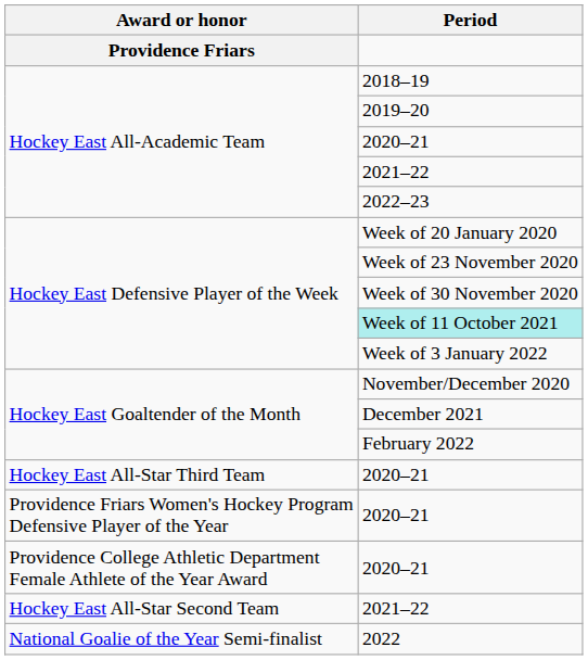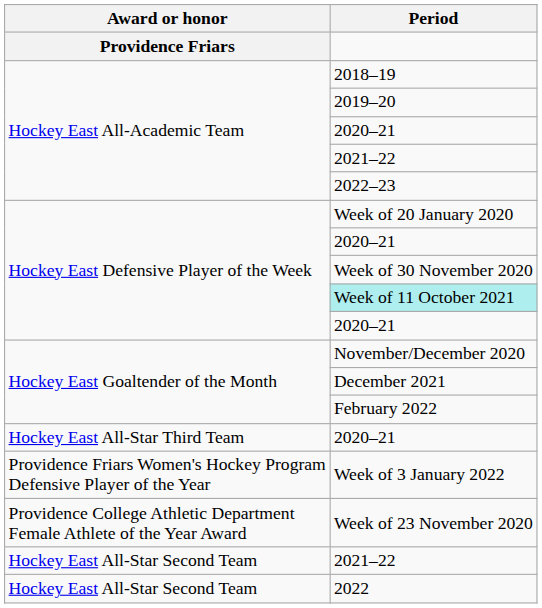 <table class="wikitable">
 <tr>
 <th scope="col">Award or honor</th>
 <th scope="col">Period</th>
 </tr>
 <tr>
 <th>Providence Friars</th>
 </tr>
 <tr>
 <td rowspan="5"><a href='#'>Hockey East</a> All-Academic Team</td>
 <td>2018–19</td>
 </tr>
 <tr>
 <td>2019–20</td>
 </tr>
 <tr>
 <td>2020–21</td>
 </tr>
 <tr>
 <td>2021–22</td>
 </tr>
 <tr>
 <td>2022–23</td>
 </tr>
 <tr>
 <td rowspan="5"><a href='#'>Hockey East</a> Defensive Player of the Week</td>
 <td>Week of 20 January 2020</td>
 </tr>
 <tr>
-<td>Week of 23 November 2020</td>
+<td>2020–21</td>
 </tr>
 <tr>
 <td>Week of 30 November 2020</td>
 </tr>
 <tr>
 <td style="background: paleturquoise;">Week of 11 October 2021</td>
 </tr>
 <tr>
-<td>Week of 3 January 2022</td>
+<td>2020–21</td>
 </tr>
 <tr>
 <td rowspan="3"><a href='#'>Hockey East</a> Goaltender of the Month</td>
 <td>November/December 2020</td>
 </tr>
 <tr>
 <td>December 2021</td>
 </tr>
 <tr>
 <td>February 2022</td>
 </tr>
 <tr>
 <td><a href='#'>Hockey East</a> All-Star Third Team</td>
 <td>2020–21</td>
 </tr>
 <tr>
 <td>Providence Friars Women's Hockey Program<br>Defensive Player of the Year</td>
-<td>2020–21</td>
+<td>Week of 3 January 2022</td>
 </tr>
 <tr>
 <td>Providence College Athletic Department<br>Female Athlete of the Year Award</td>
-<td>2020–21</td>
+<td>Week of 23 November 2020</td>
 </tr>
 <tr>
 <td><a href='#'>Hockey East</a> All-Star Second Team</td>
 <td>2021–22</td>
 </tr>
 <tr>
-<td><a href='#'>National Goalie of the Year</a> Semi-finalist</td>
+<td><a href='#'>Hockey East</a> All-Star Second Team</td>
 <td>2022<br></td>
 </tr>
 </table>
